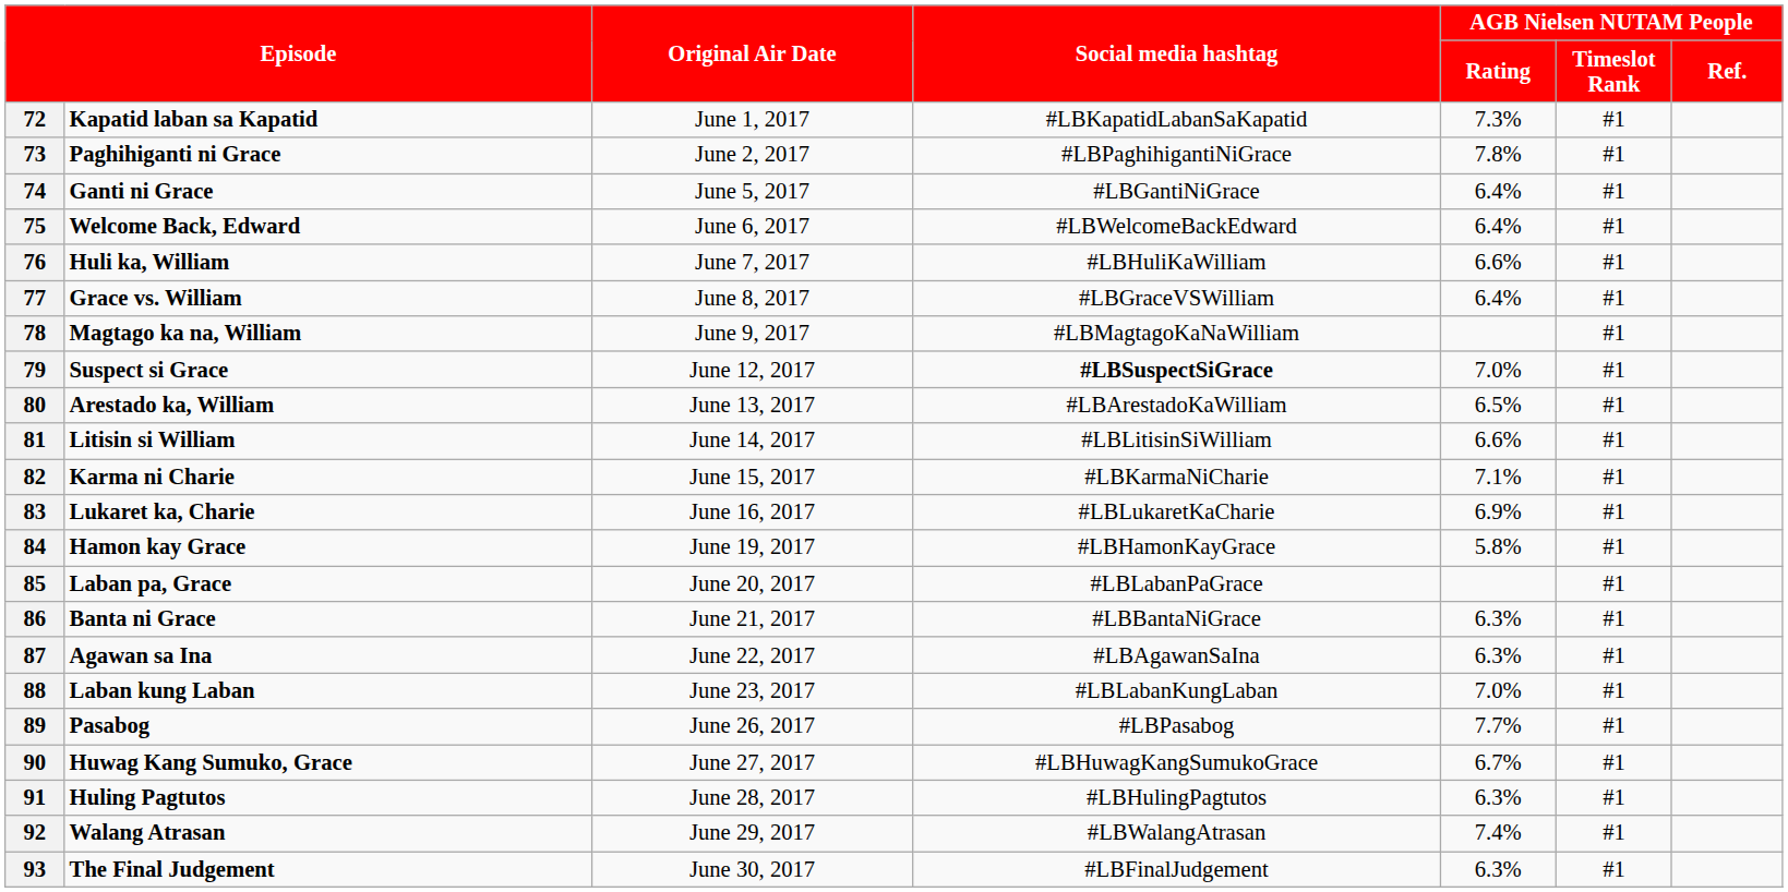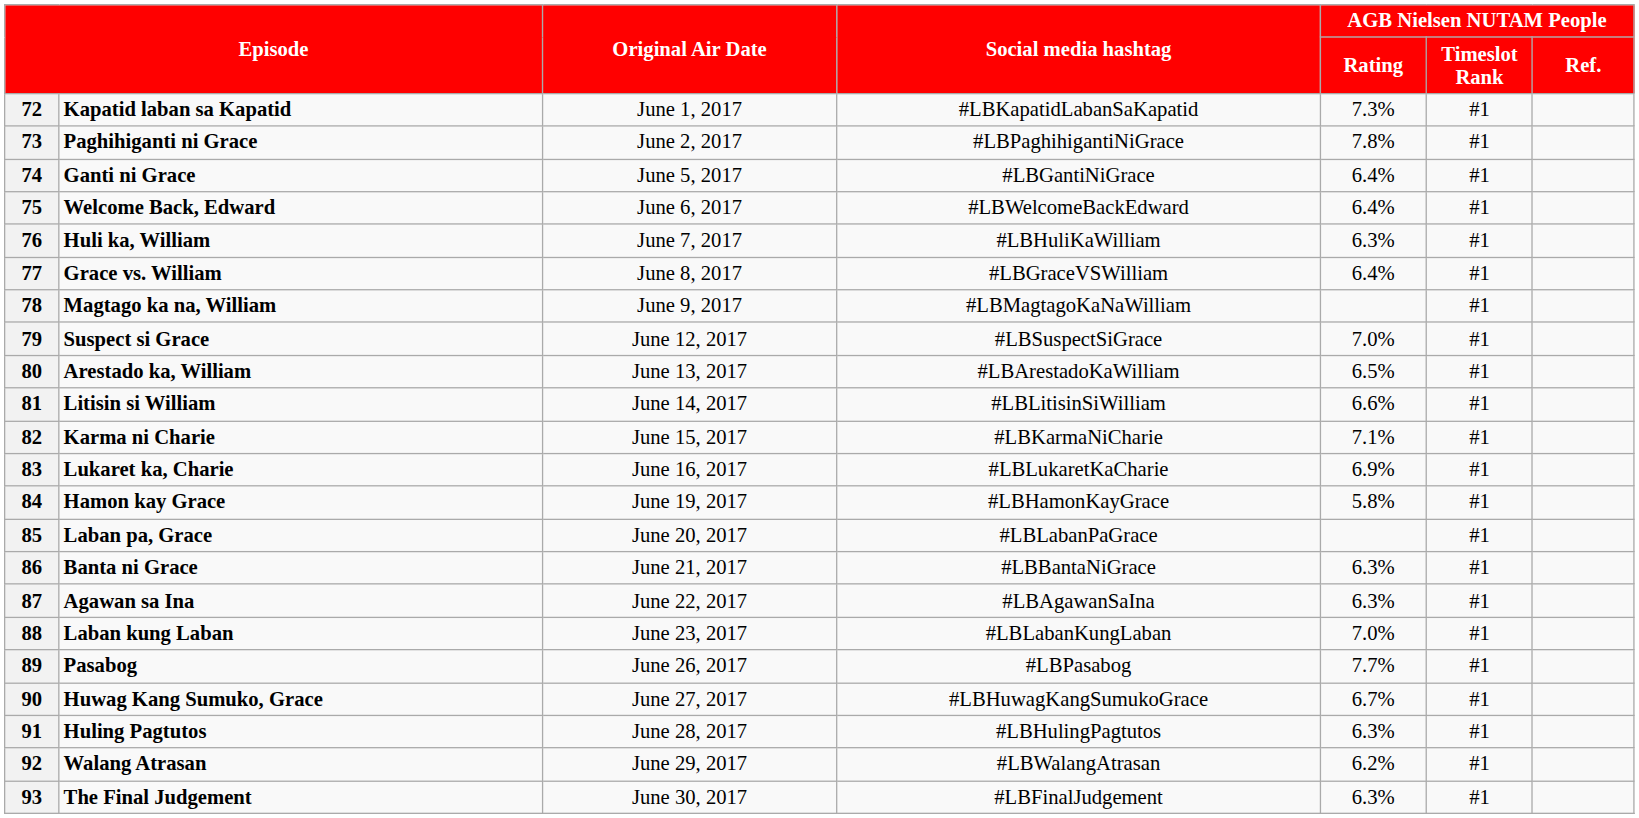 <table class="wikitable" style="text-align:center; font-size:100%; line-height:18px;"  width="100%">
 <tr>
 <th colspan="2" rowspan="2" style="background-color:#FF0000; color:#ffffff;">Episode</th>
 <th style="background:#FF0000; color:white" rowspan="2">Original Air Date</th>
 <th style="background:#FF0000; color:white" rowspan="2">Social media hashtag</th>
 <th style="background-color:#FF0000; color:#ffffff;" colspan="3">AGB Nielsen NUTAM People</th>
 </tr>
 <tr>
 <th style="background-color:#FF0000; width:75px; color:#ffffff;">Rating</th>
 <th style="background-color:#FF0000; width:75px; color:#ffffff;">Timeslot<br>Rank</th>
 <th style="background-color:#FF0000; color:#ffffff;">Ref.</th>
 </tr>
 <tr>
 <th>72</th>
 <td style="text-align: left;"><strong>Kapatid laban sa Kapatid</strong></td>
 <td>June 1, 2017</td>
 <td>#LBKapatidLabanSaKapatid</td>
 <td>7.3%</td>
 <td>#1</td>
 <td></td>
 </tr>
 <tr>
 <th>73</th>
 <td style="text-align: left;"><strong>Paghihiganti ni Grace</strong></td>
 <td>June 2, 2017</td>
 <td>#LBPaghihigantiNiGrace</td>
 <td>7.8%</td>
 <td>#1</td>
 <td></td>
 </tr>
 <tr>
 <th>74</th>
 <td style="text-align: left;"><strong>Ganti ni Grace</strong></td>
 <td>June 5, 2017</td>
 <td>#LBGantiNiGrace</td>
 <td>6.4%</td>
 <td>#1</td>
 <td></td>
 </tr>
 <tr>
 <th>75</th>
 <td style="text-align: left;"><strong>Welcome Back, Edward</strong></td>
 <td>June 6, 2017</td>
 <td>#LBWelcomeBackEdward</td>
 <td>6.4%</td>
 <td>#1</td>
 <td></td>
 </tr>
 <tr>
 <th>76</th>
 <td style="text-align: left;"><strong>Huli ka, William</strong></td>
 <td>June 7, 2017</td>
 <td>#LBHuliKaWilliam</td>
-<td>6.6%</td>
+<td>6.3%</td>
 <td>#1</td>
 <td></td>
 </tr>
 <tr>
 <th>77</th>
 <td style="text-align: left;"><strong>Grace vs. William</strong></td>
 <td>June 8, 2017</td>
 <td>#LBGraceVSWilliam</td>
 <td>6.4%</td>
 <td>#1</td>
 <td></td>
 </tr>
 <tr>
 <th>78</th>
 <td style="text-align: left;"><strong>Magtago ka na, William</strong></td>
 <td>June 9, 2017</td>
 <td>#LBMagtagoKaNaWilliam</td>
 <td></td>
 <td>#1</td>
 <td></td>
 </tr>
 <tr>
 <th>79</th>
 <td style="text-align: left;"><strong>Suspect si Grace</strong></td>
 <td>June 12, 2017</td>
-<td><strong>#LBSuspectSiGrace</strong></td>
+<td>#LBSuspectSiGrace</td>
 <td>7.0%</td>
 <td>#1</td>
 <td></td>
 </tr>
 <tr>
 <th>80</th>
 <td style="text-align: left;"><strong>Arestado ka, William</strong></td>
 <td>June 13, 2017</td>
 <td>#LBArestadoKaWilliam</td>
 <td>6.5%</td>
 <td>#1</td>
 <td></td>
 </tr>
 <tr>
 <th>81</th>
 <td style="text-align: left;"><strong>Litisin si William</strong></td>
 <td>June 14, 2017</td>
 <td>#LBLitisinSiWilliam</td>
 <td>6.6%</td>
 <td>#1</td>
 <td></td>
 </tr>
 <tr>
 <th>82</th>
 <td style="text-align: left;"><strong>Karma ni Charie</strong></td>
 <td>June 15, 2017</td>
 <td>#LBKarmaNiCharie</td>
 <td>7.1%</td>
 <td>#1</td>
 <td></td>
 </tr>
 <tr>
 <th>83</th>
 <td style="text-align: left;"><strong>Lukaret ka, Charie</strong></td>
 <td>June 16, 2017</td>
 <td>#LBLukaretKaCharie</td>
 <td>6.9%</td>
 <td>#1</td>
 <td></td>
 </tr>
 <tr>
 <th>84</th>
 <td style="text-align: left;"><strong>Hamon kay Grace</strong></td>
 <td>June 19, 2017</td>
 <td>#LBHamonKayGrace</td>
 <td>5.8%</td>
 <td>#1</td>
 <td></td>
 </tr>
 <tr>
 <th>85</th>
 <td style="text-align: left;"><strong>Laban pa, Grace</strong></td>
 <td>June 20, 2017</td>
 <td>#LBLabanPaGrace</td>
 <td></td>
 <td>#1</td>
 <td></td>
 </tr>
 <tr>
 <th>86</th>
 <td style="text-align: left;"><strong>Banta ni Grace</strong></td>
 <td>June 21, 2017</td>
 <td>#LBBantaNiGrace</td>
 <td>6.3%</td>
 <td>#1</td>
 <td></td>
 </tr>
 <tr>
 <th>87</th>
 <td style="text-align: left;"><strong>Agawan sa Ina</strong></td>
 <td>June 22, 2017</td>
 <td>#LBAgawanSaIna</td>
 <td>6.3%</td>
 <td>#1</td>
 <td></td>
 </tr>
 <tr>
 <th>88</th>
 <td style="text-align: left;"><strong>Laban kung Laban</strong></td>
 <td>June 23, 2017</td>
 <td>#LBLabanKungLaban</td>
 <td>7.0%</td>
 <td>#1</td>
 <td></td>
 </tr>
 <tr>
 <th>89</th>
 <td style="text-align: left;"><strong>Pasabog</strong></td>
 <td>June 26, 2017</td>
 <td>#LBPasabog</td>
 <td>7.7%</td>
 <td>#1</td>
 <td></td>
 </tr>
 <tr>
 <th>90</th>
 <td style="text-align: left;"><strong>Huwag Kang Sumuko, Grace</strong></td>
 <td>June 27, 2017</td>
 <td>#LBHuwagKangSumukoGrace</td>
 <td>6.7%</td>
 <td>#1</td>
 <td></td>
 </tr>
 <tr>
 <th>91</th>
 <td style="text-align: left;"><strong>Huling Pagtutos</strong></td>
 <td>June 28, 2017</td>
 <td>#LBHulingPagtutos</td>
 <td>6.3%</td>
 <td>#1</td>
 <td></td>
 </tr>
 <tr>
 <th>92</th>
 <td style="text-align: left;"><strong>Walang Atrasan</strong></td>
 <td>June 29, 2017</td>
 <td>#LBWalangAtrasan</td>
-<td>7.4%</td>
+<td>6.2%</td>
 <td>#1</td>
 <td></td>
 </tr>
 <tr>
 <th>93</th>
 <td style="text-align: left;"><strong>The Final Judgement</strong></td>
 <td>June 30, 2017</td>
 <td>#LBFinalJudgement</td>
 <td>6.3%</td>
 <td>#1</td>
 <td></td>
 </tr>
 <tr>
 </tr>
 </table>
